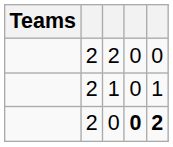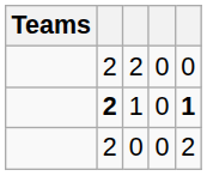 <table class="wikitable" style="text-align: center;">
 <tr>
 <th>Teams</th>
 <th></th>
 <th></th>
 <th></th>
 <th></th>
 </tr>
 <tr>
 <td align=left></td>
 <td>2</td>
 <td>2</td>
 <td>0</td>
 <td>0</td>
 </tr>
 <tr>
 <td align=left></td>
-<td>2</td>
+<td><strong>2</strong></td>
 <td>1</td>
 <td>0</td>
-<td>1</td>
+<td><strong>1</strong></td>
 </tr>
 <tr>
 <td align=left></td>
 <td>2</td>
 <td>0</td>
-<td><strong>0</strong></td>
-<td><strong>2</strong></td>
+<td>0</td>
+<td>2</td>
 </tr>
 </table>
